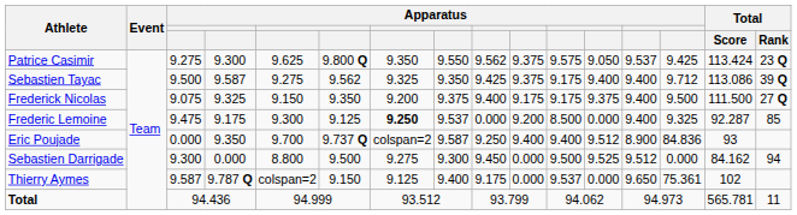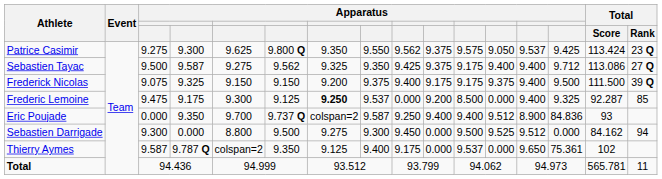 <table class=wikitable style=font-size:90%;text-align:center>
 <tr>
 <th rowspan=3>Athlete</th>
 <th rowspan=3>Event</th>
 <th colspan=12>Apparatus</th>
 <th colspan=2 rowspan=2>Total</th>
 </tr>
 <tr style=font-size:95%>
 <th colspan=2></th>
 <th colspan=2></th>
 <th colspan=2></th>
 <th colspan=2></th>
 <th colspan=2></th>
 <th colspan=2></th>
 </tr>
 <tr style=font-size:95%>
 <th></th>
 <th></th>
 <th></th>
 <th></th>
 <th></th>
 <th></th>
 <th></th>
 <th></th>
 <th></th>
 <th></th>
 <th></th>
 <th></th>
 <th>Score</th>
 <th>Rank</th>
 </tr>
 <tr>
 <td align=left><a href='#'>Patrice Casimir</a></td>
 <td align=left rowspan=8><a href='#'>Team</a></td>
 <td>9.275</td>
 <td>9.300</td>
 <td>9.625</td>
 <td>9.800 <strong>Q</strong></td>
 <td>9.350</td>
 <td>9.550</td>
 <td>9.562</td>
 <td>9.375</td>
 <td>9.575</td>
 <td>9.050</td>
 <td>9.537</td>
 <td>9.425</td>
 <td>113.424</td>
 <td>23 <strong>Q</strong></td>
 </tr>
 <tr>
 <td align=left><a href='#'>Sebastien Tayac</a></td>
 <td>9.500</td>
 <td>9.587</td>
 <td>9.275</td>
 <td>9.562</td>
 <td>9.325</td>
 <td>9.350</td>
 <td>9.425</td>
 <td>9.375</td>
 <td>9.175</td>
 <td>9.400</td>
 <td>9.400</td>
 <td>9.712</td>
 <td>113.086</td>
-<td>39 <strong>Q</strong></td>
+<td>27 <strong>Q</strong></td>
 </tr>
 <tr>
 <td align=left><a href='#'>Frederick Nicolas</a></td>
 <td>9.075</td>
 <td>9.325</td>
 <td>9.150</td>
-<td>9.350</td>
+<td>9.150</td>
 <td>9.200</td>
 <td>9.375</td>
 <td>9.400</td>
 <td>9.175</td>
 <td>9.175</td>
 <td>9.375</td>
 <td>9.400</td>
 <td>9.500</td>
 <td>111.500</td>
-<td>27 <strong>Q</strong></td>
+<td>39 <strong>Q</strong></td>
 </tr>
 <tr>
 <td align=left><a href='#'>Frederic Lemoine</a></td>
 <td>9.475</td>
 <td>9.175</td>
 <td>9.300</td>
 <td>9.125</td>
 <td><strong>9.250</strong></td>
 <td>9.537</td>
 <td>0.000</td>
 <td>9.200</td>
 <td>8.500</td>
 <td>0.000</td>
 <td>9.400</td>
 <td>9.325</td>
 <td>92.287</td>
 <td>85</td>
 </tr>
 <tr>
 <td align=left><a href='#'>Eric Poujade</a></td>
 <td>0.000</td>
 <td>9.350</td>
 <td>9.700</td>
 <td>9.737 <strong>Q</strong></td>
 <td>colspan=2 </td>
 <td>9.587</td>
 <td>9.250</td>
 <td>9.400</td>
 <td>9.400</td>
 <td>9.512</td>
 <td>8.900</td>
 <td>84.836</td>
 <td>93</td>
 </tr>
 <tr>
 <td align=left><a href='#'>Sebastien Darrigade</a></td>
 <td>9.300</td>
 <td>0.000</td>
 <td>8.800</td>
 <td>9.500</td>
 <td>9.275</td>
 <td>9.300</td>
 <td>9.450</td>
 <td>0.000</td>
 <td>9.500</td>
 <td>9.525</td>
 <td>9.512</td>
 <td>0.000</td>
 <td>84.162</td>
 <td>94</td>
 </tr>
 <tr>
 <td align=left><a href='#'>Thierry Aymes</a></td>
 <td>9.587</td>
 <td>9.787 <strong>Q</strong></td>
 <td>colspan=2 </td>
-<td>9.150</td>
+<td>9.350</td>
 <td>9.125</td>
 <td>9.400</td>
 <td>9.175</td>
 <td>0.000</td>
 <td>9.537</td>
 <td>0.000</td>
 <td>9.650</td>
 <td>75.361</td>
 <td>102</td>
 </tr>
 <tr>
 <td align=left><strong>Total</strong></td>
 <td colspan=2>94.436</td>
 <td colspan=2>94.999</td>
 <td colspan=2>93.512</td>
 <td colspan=2>93.799</td>
 <td colspan=2>94.062</td>
 <td colspan=2>94.973</td>
 <td>565.781</td>
 <td>11</td>
 </tr>
 </table>
